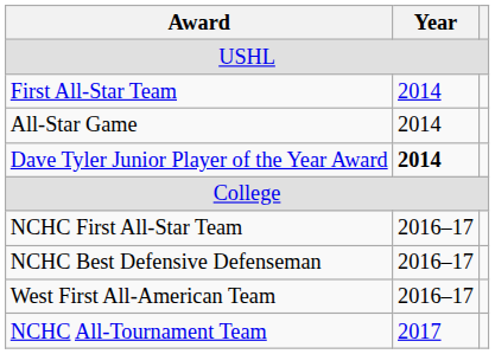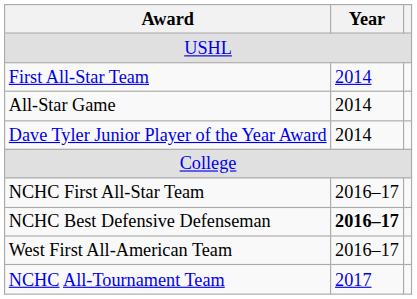 <table class="wikitable">
 <tr>
 <th>Award</th>
 <th>Year</th>
 <th></th>
 </tr>
 <tr ALIGN="center" bgcolor="#e0e0e0">
 <td colspan="3"><a href='#'>USHL</a></td>
 </tr>
 <tr>
 <td><a href='#'>First All-Star Team</a></td>
 <td><a href='#'>2014</a></td>
 <td></td>
 </tr>
 <tr>
 <td>All-Star Game</td>
 <td>2014</td>
 <td></td>
 </tr>
 <tr>
 <td><a href='#'>Dave Tyler Junior Player of the Year Award</a></td>
-<td><strong>2014</strong></td>
+<td>2014</td>
 <td></td>
 </tr>
 <tr ALIGN="center" bgcolor="#e0e0e0">
 <td colspan="3"><a href='#'>College</a></td>
 </tr>
 <tr>
 <td>NCHC First All-Star Team</td>
 <td>2016–17</td>
 <td></td>
 </tr>
 <tr>
 <td>NCHC Best Defensive Defenseman</td>
-<td>2016–17</td>
+<td><strong>2016–17</strong></td>
 <td></td>
 </tr>
 <tr>
 <td>West First All-American Team</td>
 <td>2016–17</td>
 <td></td>
 </tr>
 <tr>
 <td><a href='#'>NCHC</a> <a href='#'>All-Tournament Team</a></td>
 <td><a href='#'>2017</a></td>
 <td></td>
 </tr>
 </table>
